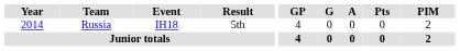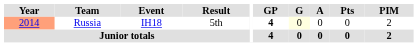 <table border="0" cellpadding="1" cellspacing="0" ID="Table3" style="text-align:center; width:40em;">
 <tr bgcolor="#e0e0e0">
 <th>Year</th>
 <th>Team</th>
 <th>Event</th>
 <th>Result</th>
 <th rowspan="99" bgcolor="#ffffff"></th>
 <th>GP</th>
 <th>G</th>
 <th>A</th>
 <th>Pts</th>
 <th>PIM</th>
 </tr>
 <tr>
-<td><a href='#'>2014</a></td>
+<td style="background: lightsalmon;"><a href='#'>2014</a></td>
 <td><a href='#'>Russia</a></td>
 <td><a href='#'>IH18</a></td>
 <td>5th</td>
-<td>4</td>
-<td>0</td>
+<td><strong>4</strong></td>
+<td style="background: lightyellow;">0</td>
 <td>0</td>
 <td>0</td>
 <td>2</td>
 </tr>
 <tr bgcolor="#e0e0e0">
 <th colspan="4">Junior totals</th>
 <th>4</th>
 <th>0</th>
 <th>0</th>
 <th>0</th>
 <th>2</th>
 </tr>
 </table>
